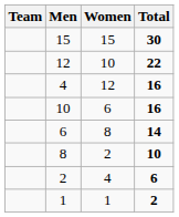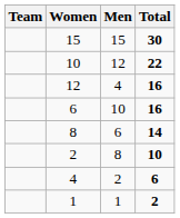 <table class=wikitable style="text-align:center">
 <tr>
 <th>Team</th>
+<th>Women</th>
 <th>Men</th>
-<th>Women</th>
 <th>Total</th>
 </tr>
 <tr>
 <td align=left></td>
 <td>15</td>
 <td>15</td>
 <td><strong>30</strong></td>
 </tr>
 <tr>
 <td align=left></td>
+<td>10</td>
 <td>12</td>
-<td>10</td>
 <td><strong>22</strong></td>
 </tr>
 <tr>
 <td align=left></td>
+<td>12</td>
 <td>4</td>
-<td>12</td>
-<td><strong>16</strong></td>
-</tr>
-<tr>
-<td align=left></td>
-<td>10</td>
-<td>6</td>
 <td><strong>16</strong></td>
 </tr>
 <tr>
 <td align=left></td>
 <td>6</td>
+<td>10</td>
+<td><strong>16</strong></td>
+</tr>
+<tr>
+<td align=left></td>
 <td>8</td>
+<td>6</td>
 <td><strong>14</strong></td>
 </tr>
 <tr>
 <td align=left></td>
+<td>2</td>
 <td>8</td>
-<td>2</td>
 <td><strong>10</strong></td>
 </tr>
 <tr>
 <td align=left></td>
+<td>4</td>
 <td>2</td>
-<td>4</td>
 <td><strong>6</strong></td>
 </tr>
 <tr>
 <td align=left></td>
 <td>1</td>
 <td>1</td>
 <td><strong>2</strong></td>
 </tr>
 </table>
